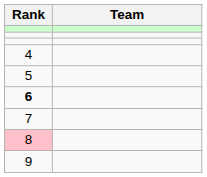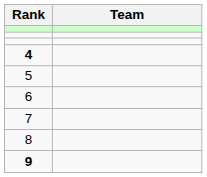 <table class=wikitable style="text-align:center;">
 <tr>
 <th width=50>Rank</th>
 <th width=170>Team</th>
 </tr>
 <tr bgcolor="#ccffcc">
 <td></td>
 <td align=left></td>
 </tr>
 <tr>
 <td></td>
 <td align=left></td>
 </tr>
 <tr>
 <td></td>
 <td align=left></td>
 </tr>
 <tr>
-<td>4</td>
+<td><strong>4</strong></td>
 <td align=left></td>
 </tr>
 <tr>
 <td>5</td>
 <td align=left></td>
 </tr>
 <tr>
-<td><strong>6</strong></td>
+<td>6</td>
 <td align=left></td>
 </tr>
 <tr>
 <td>7</td>
 <td align=left></td>
 </tr>
 <tr>
-<td style="background: pink;">8</td>
+<td>8</td>
 <td align=left></td>
 </tr>
 <tr>
-<td>9</td>
+<td><strong>9</strong></td>
 <td align=left></td>
 </tr>
 </table>
